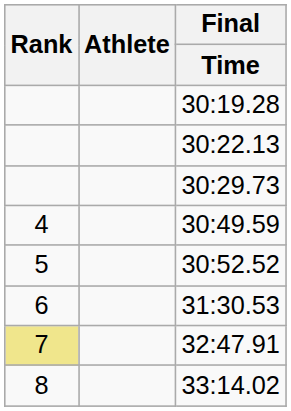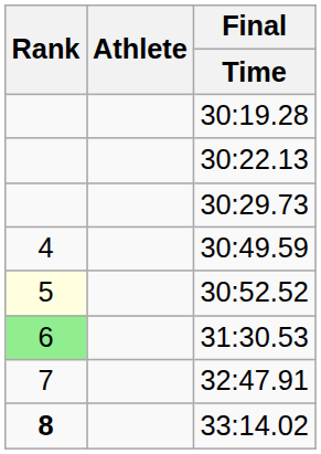 <table class="wikitable sortable"  style="text-align:center">
 <tr>
 <th rowspan="2" data-sort-type=number>Rank</th>
 <th rowspan="2">Athlete</th>
 <th colspan="1">Final</th>
 </tr>
 <tr>
 <th>Time</th>
 </tr>
 <tr>
 <td></td>
 <td align="left"></td>
 <td>30:19.28</td>
 </tr>
 <tr>
 <td></td>
 <td align="left"></td>
 <td>30:22.13</td>
 </tr>
 <tr>
 <td></td>
 <td align="left"></td>
 <td>30:29.73</td>
 </tr>
 <tr>
 <td>4</td>
 <td align="left"></td>
 <td>30:49.59</td>
 </tr>
 <tr>
-<td>5</td>
+<td style="background: lightyellow;">5</td>
 <td align="left"></td>
 <td>30:52.52</td>
 </tr>
 <tr>
-<td>6</td>
+<td style="background: lightgreen;">6</td>
 <td align="left"></td>
 <td>31:30.53</td>
 </tr>
 <tr>
-<td style="background: khaki;">7</td>
+<td>7</td>
 <td align="left"></td>
 <td>32:47.91</td>
 </tr>
 <tr>
-<td>8</td>
+<td><strong>8</strong></td>
 <td align="left"></td>
 <td>33:14.02</td>
 </tr>
 </table>
